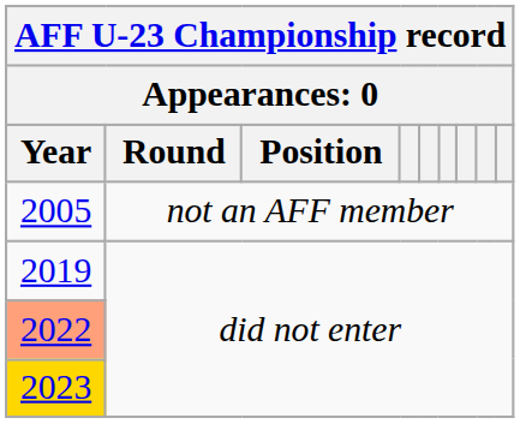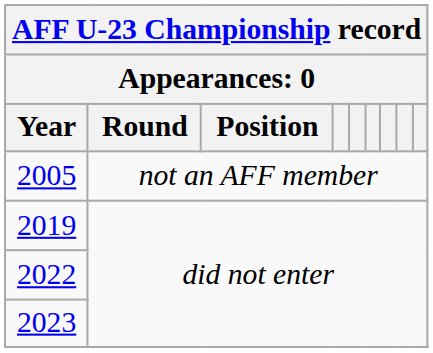 <table class="wikitable" style="text-align: center;font-size:90%;">
 <tr>
 <th colspan=9><a href='#'>AFF U-23 Championship</a> record</th>
 </tr>
 <tr>
 <th colspan=9>Appearances: 0</th>
 </tr>
 <tr>
 <th>Year</th>
 <th>Round</th>
 <th>Position</th>
 <th></th>
 <th></th>
 <th></th>
 <th></th>
 <th></th>
 <th></th>
 </tr>
 <tr>
 <td> <a href='#'>2005</a></td>
 <td colspan="8"><em>not an AFF member</em></td>
 </tr>
 <tr>
 <td> <a href='#'>2019</a></td>
 <td colspan="8" rowspan="3"><em>did not enter</em></td>
 </tr>
 <tr>
-<td style="background: lightsalmon;"> <a href='#'>2022</a></td>
+<td> <a href='#'>2022</a></td>
 </tr>
 <tr>
-<td style="background: gold;"> <a href='#'>2023</a></td>
+<td> <a href='#'>2023</a></td>
 </tr>
 </table>
